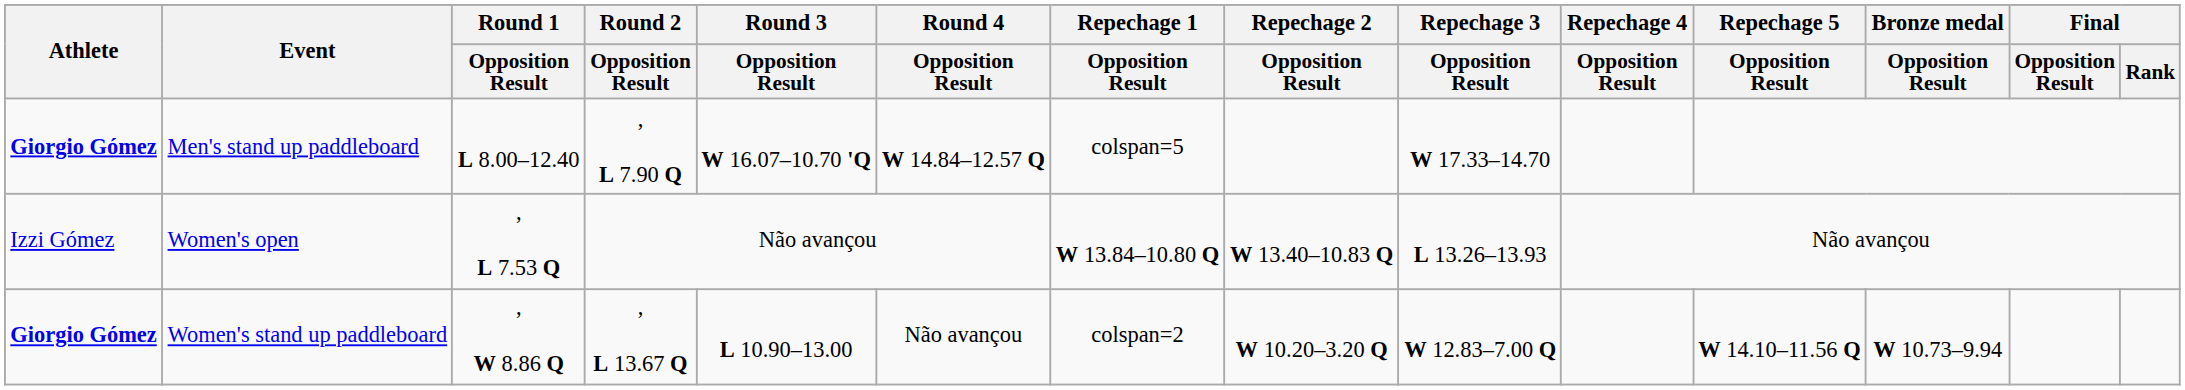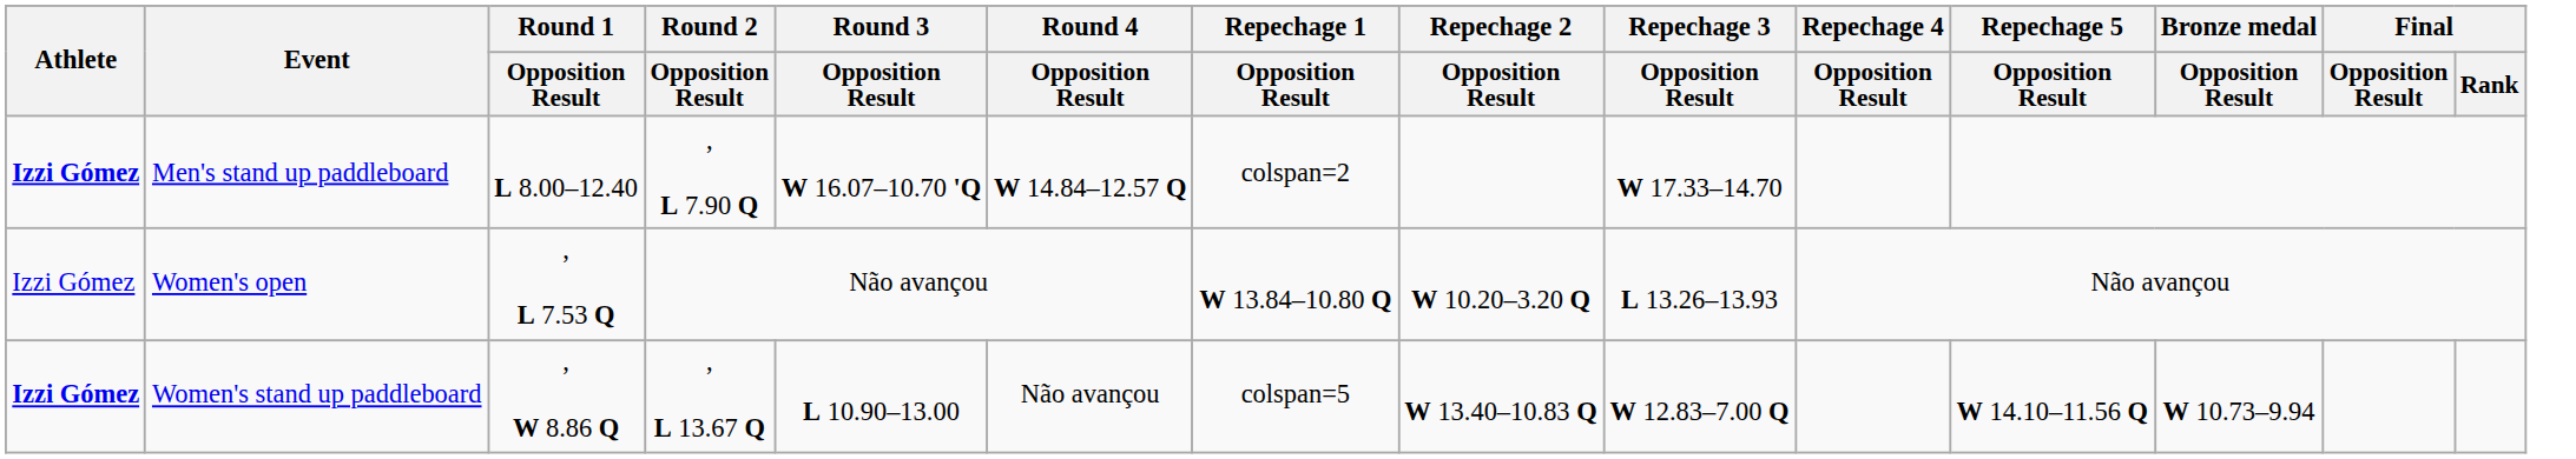 <table class=wikitable style=font-size:75%;text-align:center>
 <tr>
 <th rowspan=2>Athlete</th>
 <th rowspan=2>Event</th>
 <th>Round 1</th>
 <th>Round 2</th>
 <th>Round 3</th>
 <th>Round 4</th>
 <th>Repechage 1</th>
 <th>Repechage 2</th>
 <th>Repechage 3</th>
 <th>Repechage 4</th>
 <th>Repechage 5</th>
 <th>Bronze medal</th>
 <th colspan=2>Final</th>
 </tr>
 <tr style=font-size:95%>
 <th>Opposition<br>Result</th>
 <th>Opposition<br>Result</th>
 <th>Opposition<br>Result</th>
 <th>Opposition<br>Result</th>
 <th>Opposition<br>Result</th>
 <th>Opposition<br>Result</th>
 <th>Opposition<br>Result</th>
 <th>Opposition<br>Result</th>
 <th>Opposition<br>Result</th>
 <th>Opposition<br>Result</th>
 <th>Opposition<br>Result</th>
 <th>Rank</th>
 </tr>
 <tr>
-<td align=left><strong><a href='#'>Giorgio Gómez</a></strong></td>
+<td align=left><strong><a href='#'>Izzi Gómez</a></strong></td>
 <td align=left><a href='#'>Men's stand up paddleboard</a></td>
 <td><br><strong>L</strong> 8.00–12.40</td>
 <td>,<br><br><strong>L</strong> 7.90 <strong>Q</strong></td>
 <td><br><strong>W</strong> 16.07–10.70 <strong>'Q</strong></td>
 <td><br><strong>W</strong> 14.84–12.57 <strong>Q</strong></td>
-<td>colspan=5 </td>
+<td>colspan=2 </td>
 <td></td>
 <td><br><strong>W</strong> 17.33–14.70</td>
 <td></td>
 </tr>
 <tr>
 <td align=left><a href='#'>Izzi Gómez</a></td>
 <td align=left><a href='#'>Women's open</a></td>
 <td>,<br><br><strong>L</strong> 7.53 <strong>Q</strong></td>
 <td colspan=3>Não avançou</td>
 <td><br><strong>W</strong> 13.84–10.80 <strong>Q</strong></td>
-<td><br><strong>W</strong> 13.40–10.83 <strong>Q</strong></td>
+<td><br><strong>W</strong> 10.20–3.20 <strong>Q</strong></td>
 <td><br><strong>L</strong> 13.26–13.93</td>
 <td colspan=5>Não avançou</td>
 </tr>
 <tr>
-<td align=left><strong><a href='#'>Giorgio Gómez</a></strong></td>
+<td align=left><strong><a href='#'>Izzi Gómez</a></strong></td>
 <td align=left><a href='#'>Women's stand up paddleboard</a></td>
 <td>,<br><br><strong>W</strong> 8.86 <strong>Q</strong></td>
 <td>,<br><br><strong>L</strong> 13.67 <strong>Q</strong></td>
 <td><br><strong>L</strong> 10.90–13.00</td>
 <td>Não avançou</td>
-<td>colspan=2 </td>
-<td><br><strong>W</strong> 10.20–3.20 <strong>Q</strong></td>
+<td>colspan=5 </td>
+<td><br><strong>W</strong> 13.40–10.83 <strong>Q</strong></td>
 <td><br><strong>W</strong> 12.83–7.00 <strong>Q</strong></td>
 <td></td>
 <td><br><strong>W</strong> 14.10–11.56 <strong>Q</strong></td>
 <td><br><strong>W</strong> 10.73–9.94</td>
 <td></td>
 </tr>
 </table>
